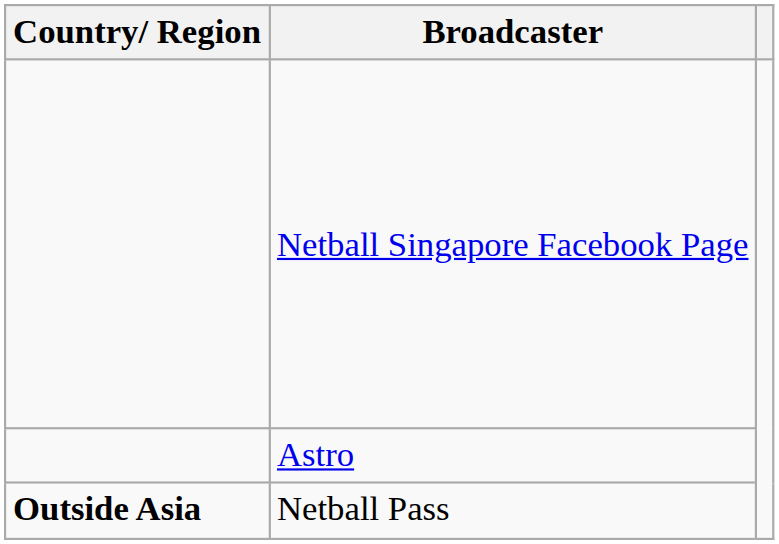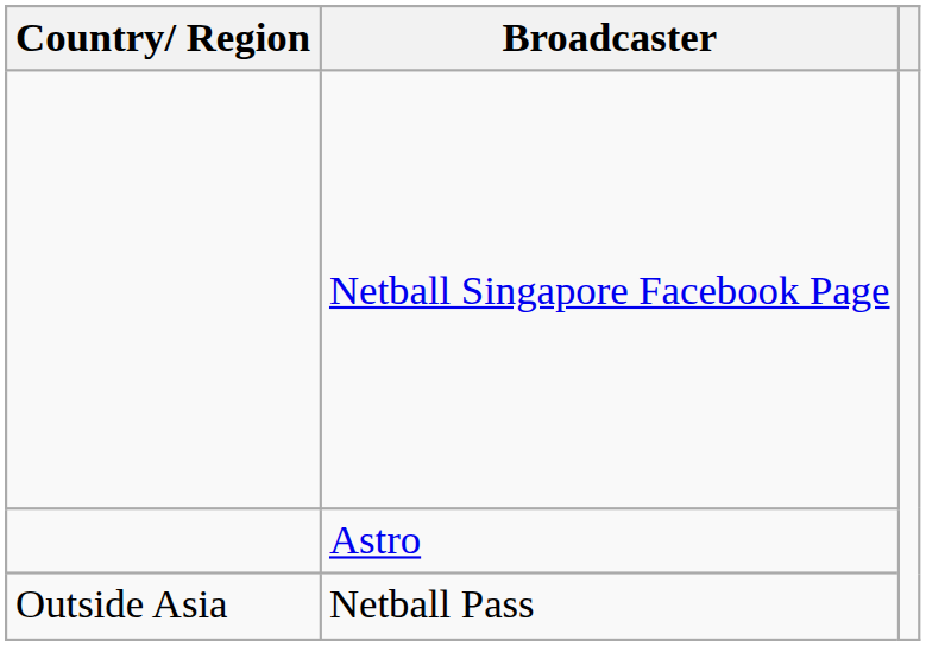 <table class=wikitable>
 <tr>
 <th>Country/ Region</th>
 <th>Broadcaster</th>
 <th></th>
 </tr>
 <tr>
 <td rowspan="1"><br><br><br><br><br><br><br><br><br></td>
 <td><a href='#'>Netball Singapore Facebook Page</a></td>
 <td rowspan="3"></td>
 </tr>
 <tr>
 <td rowspan="1"></td>
 <td><a href='#'>Astro</a></td>
 </tr>
 <tr>
-<td rowspan="1"><strong>Outside Asia</strong></td>
+<td rowspan="1">Outside Asia</td>
 <td>Netball Pass</td>
 </tr>
 </table>
